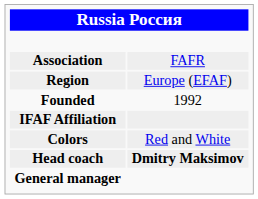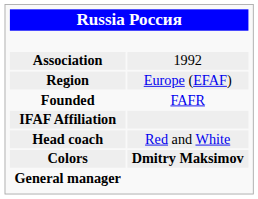 <table class="infobox" width=280>
 <tr align="center" bgcolor="#0000FF" style="color:white">
 <td colspan=2 style="text-align:center;"><big> <strong>Russia  Россия</strong> </big></td>
 </tr>
 <tr align="center">
 <td colspan=1><br></td>
 <td></td>
 </tr>
 <tr align="center" bgcolor="#eeeeee">
 <td><strong>Association</strong></td>
-<td><a href='#'>FAFR</a></td>
+<td>1992</td>
 </tr>
 <tr align="center" bgcolor="#eeeeee">
 <td><strong>Region</strong></td>
 <td><a href='#'>Europe</a> (<a href='#'>EFAF</a>)</td>
 </tr>
 <tr align="center">
 <td><strong>Founded</strong></td>
-<td>1992</td>
+<td><a href='#'>FAFR</a></td>
 </tr>
 <tr align="center" bgcolor="#eeeeee">
 <td><strong>IFAF Affiliation</strong></td>
 <td></td>
 </tr>
 <tr align="center" bgcolor="#eeeeee">
-<td><strong>Colors</strong></td>
+<td><strong>Head coach</strong></td>
 <td><a href='#'>Red</a> and <a href='#'>White</a></td>
 </tr>
 <tr align="center" bgcolor="#eeeeee">
-<td><strong>Head coach</strong></td>
+<td><strong>Colors</strong></td>
 <td><strong>Dmitry Maksimov</strong></td>
 </tr>
 <tr align="center">
 <td><strong>General manager</strong></td>
 <td></td>
 </tr>
 <tr align="center" bgcolor="#eeeeee">
 </tr>
 </table>
